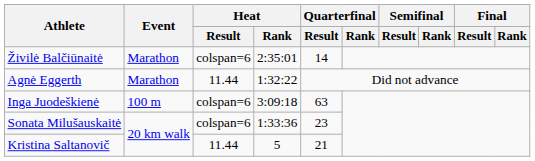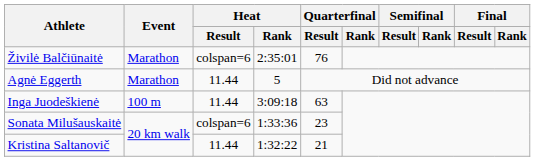 <table class=wikitable style="font-size:90%">
 <tr>
 <th rowspan="2">Athlete</th>
 <th rowspan="2">Event</th>
 <th colspan="2">Heat</th>
 <th colspan="2">Quarterfinal</th>
 <th colspan="2">Semifinal</th>
 <th colspan="2">Final</th>
 </tr>
 <tr style="font-size:95%">
 <th>Result</th>
 <th>Rank</th>
 <th>Result</th>
 <th>Rank</th>
 <th>Result</th>
 <th>Rank</th>
 <th>Result</th>
 <th>Rank</th>
 </tr>
 <tr align=center>
 <td align=left><a href='#'>Živilė Balčiūnaitė</a></td>
 <td align=left><a href='#'>Marathon</a></td>
 <td>colspan=6 </td>
 <td>2:35:01</td>
-<td>14</td>
+<td>76</td>
 </tr>
 <tr align=center>
 <td align=left><a href='#'>Agnė Eggerth</a></td>
 <td align=left><a href='#'>Marathon</a></td>
 <td>11.44</td>
-<td>1:32:22</td>
+<td>5</td>
 <td colspan=6>Did not advance</td>
 </tr>
 <tr align=center>
 <td align=left><a href='#'>Inga Juodeškienė</a></td>
 <td align=left><a href='#'>100 m</a></td>
-<td>colspan=6 </td>
+<td>11.44</td>
 <td>3:09:18</td>
 <td>63</td>
 </tr>
 <tr align=center>
 <td align=left><a href='#'>Sonata Milušauskaitė</a></td>
 <td align=left rowspan=2><a href='#'>20 km walk</a></td>
 <td>colspan=6 </td>
 <td>1:33:36</td>
 <td>23</td>
 </tr>
 <tr align=center>
 <td align=left><a href='#'>Kristina Saltanovič</a></td>
 <td>11.44</td>
-<td>5</td>
+<td>1:32:22</td>
 <td>21</td>
 </tr>
 </table>
